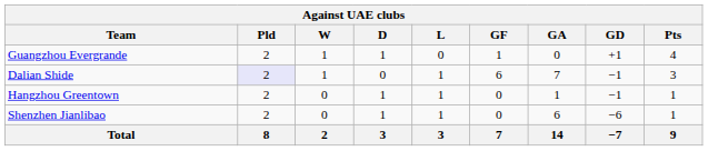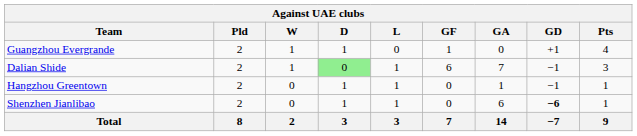 <table width=70% class="wikitable" style="text-align:center">
 <tr>
 <th colspan=9>Against UAE clubs</th>
 </tr>
 <tr>
 <th width=20%>Team</th>
 <th width=5%>Pld</th>
 <th width=5%>W</th>
 <th width=5%>D</th>
 <th width=5%>L</th>
 <th width=5%>GF</th>
 <th width=5%>GA</th>
 <th width=5%>GD</th>
 <th width=5%>Pts</th>
 </tr>
 <tr>
 <td align=left> <a href='#'>Guangzhou Evergrande</a></td>
 <td>2</td>
 <td>1</td>
 <td>1</td>
 <td>0</td>
 <td>1</td>
 <td>0</td>
 <td>+1</td>
 <td>4</td>
 </tr>
 <tr>
 <td align=left> <a href='#'>Dalian Shide</a></td>
-<td style="background: lavender;">2</td>
+<td>2</td>
 <td>1</td>
-<td>0</td>
+<td style="background: lightgreen;">0</td>
 <td>1</td>
 <td>6</td>
 <td>7</td>
 <td>−1</td>
 <td>3</td>
 </tr>
 <tr>
 <td align=left> <a href='#'>Hangzhou Greentown</a></td>
 <td>2</td>
 <td>0</td>
 <td>1</td>
 <td>1</td>
 <td>0</td>
 <td>1</td>
 <td>−1</td>
 <td>1</td>
 </tr>
 <tr>
 <td align=left> <a href='#'>Shenzhen Jianlibao</a></td>
 <td>2</td>
 <td>0</td>
 <td>1</td>
 <td>1</td>
 <td>0</td>
 <td>6</td>
-<td>−6</td>
+<td><strong>−6</strong></td>
 <td>1</td>
 </tr>
 <tr>
 <th>Total</th>
 <th>8</th>
 <th>2</th>
 <th>3</th>
 <th>3</th>
 <th>7</th>
 <th>14</th>
 <th>−7</th>
 <th>9</th>
 </tr>
 </table>
